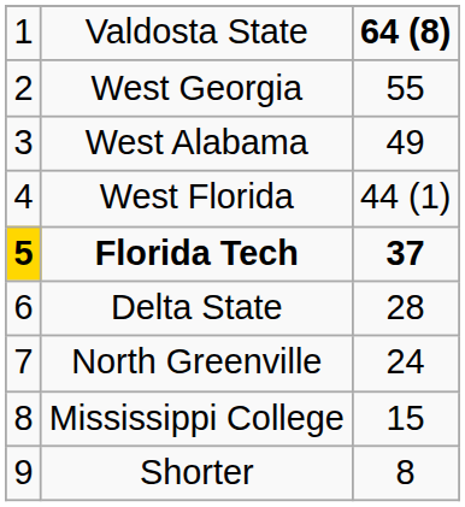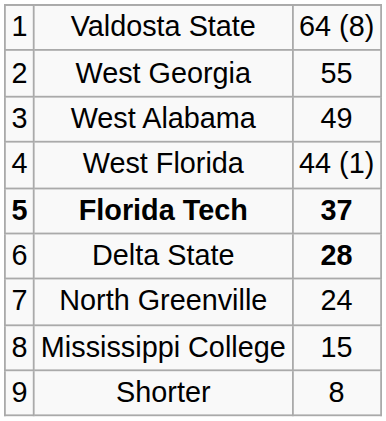 <table class="wikitable">
 <tr align="center">
 </tr>
 <tr align="center">
 <td>1</td>
 <td>Valdosta State</td>
-<td><strong>64 (8)</strong></td>
+<td>64 (8)</td>
 </tr>
 <tr align="center">
 <td>2</td>
 <td>West Georgia</td>
 <td>55</td>
 </tr>
 <tr align="center">
 <td>3</td>
 <td>West Alabama</td>
 <td>49</td>
 </tr>
 <tr align="center">
 <td>4</td>
 <td>West Florida</td>
 <td>44 (1)</td>
 </tr>
 <tr align="center">
-<td style="background: gold;"><strong>5</strong></td>
+<td><strong>5</strong></td>
 <td><strong>Florida Tech</strong></td>
 <td><strong>37</strong></td>
 </tr>
 <tr align="center">
 <td>6</td>
 <td>Delta State</td>
-<td>28</td>
+<td><strong>28</strong></td>
 </tr>
 <tr align="center">
 <td>7</td>
 <td>North Greenville</td>
 <td>24</td>
 </tr>
 <tr align="center">
 <td>8</td>
 <td>Mississippi College</td>
 <td>15</td>
 </tr>
 <tr align="center">
 <td>9</td>
 <td>Shorter</td>
 <td>8</td>
 </tr>
 </table>
